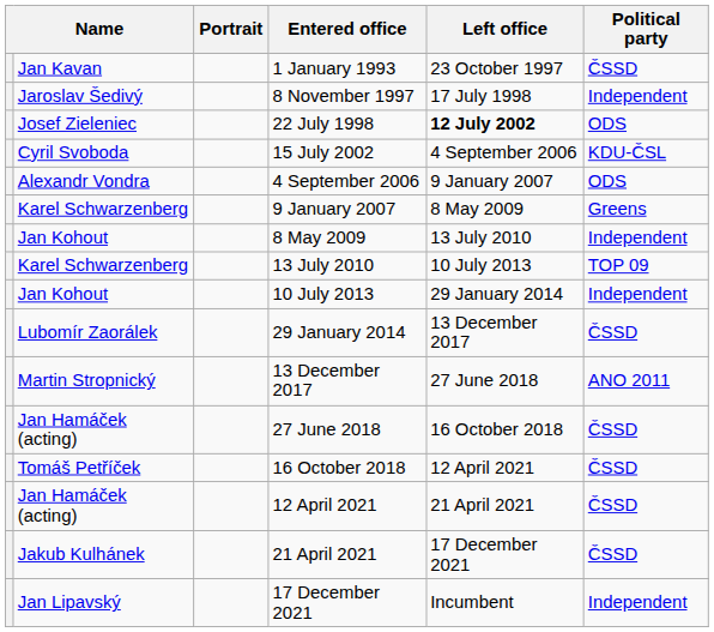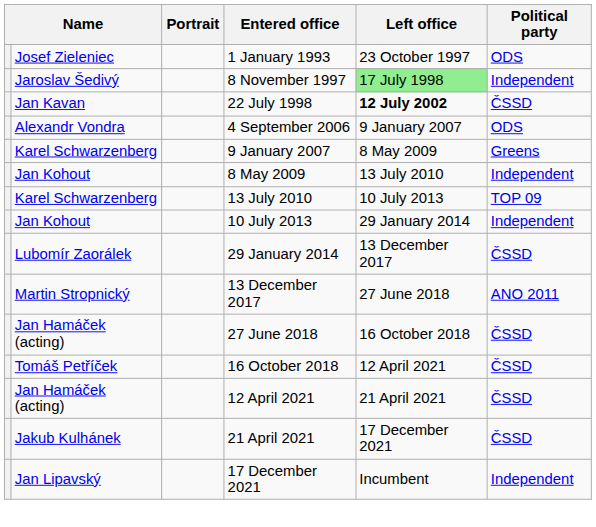 <table class="wikitable" width=50%>
 <tr>
 <th colspan=2>Name</th>
 <th width="60px">Portrait</th>
 <th>Entered office</th>
 <th>Left office</th>
 <th>Political party</th>
 </tr>
 <tr>
 <th style="background-color: "></th>
-<td><a href='#'>Jan Kavan</a></td>
+<td><a href='#'>Josef Zieleniec</a></td>
 <td></td>
 <td>1 January 1993</td>
 <td>23 October 1997</td>
-<td><a href='#'>ČSSD</a></td>
+<td><a href='#'>ODS</a></td>
 </tr>
 <tr>
 <th style="background-color: "></th>
 <td><a href='#'>Jaroslav Šedivý</a></td>
 <td></td>
 <td>8 November 1997</td>
-<td>17 July 1998</td>
+<td style="background: lightgreen;">17 July 1998</td>
 <td><a href='#'>Independent</a></td>
 </tr>
 <tr>
 <th style="background-color: "></th>
-<td><a href='#'>Josef Zieleniec</a></td>
+<td><a href='#'>Jan Kavan</a></td>
 <td></td>
 <td>22 July 1998</td>
 <td><strong>12 July 2002</strong></td>
-<td><a href='#'>ODS</a></td>
-</tr>
-<tr>
-<th style="background-color: "></th>
-<td><a href='#'>Cyril Svoboda</a></td>
-<td></td>
-<td>15 July 2002</td>
-<td>4 September 2006</td>
-<td><a href='#'>KDU-ČSL</a></td>
+<td><a href='#'>ČSSD</a></td>
 </tr>
 <tr>
 <th style="background-color: "></th>
 <td><a href='#'>Alexandr Vondra</a></td>
 <td></td>
 <td>4 September 2006</td>
 <td>9 January 2007</td>
 <td><a href='#'>ODS</a></td>
 </tr>
 <tr>
 <th style="background-color: "></th>
 <td><a href='#'>Karel Schwarzenberg</a></td>
 <td></td>
 <td>9 January 2007</td>
 <td>8 May 2009</td>
 <td><a href='#'>Greens</a></td>
 </tr>
 <tr>
 <th style="background-color: "></th>
 <td><a href='#'>Jan Kohout</a></td>
 <td></td>
 <td>8 May 2009</td>
 <td>13 July 2010</td>
 <td><a href='#'>Independent</a></td>
 </tr>
 <tr>
 <th style="background-color: "></th>
 <td><a href='#'>Karel Schwarzenberg</a></td>
 <td></td>
 <td>13 July 2010</td>
 <td>10 July 2013</td>
 <td><a href='#'>TOP 09</a></td>
 </tr>
 <tr>
 <th style="background-color: "></th>
 <td><a href='#'>Jan Kohout</a></td>
 <td></td>
 <td>10 July 2013</td>
 <td>29 January 2014</td>
 <td><a href='#'>Independent</a></td>
 </tr>
 <tr>
 <th style="background-color: "></th>
 <td><a href='#'>Lubomír Zaorálek</a></td>
 <td></td>
 <td>29 January 2014</td>
 <td>13 December 2017</td>
 <td><a href='#'>ČSSD</a></td>
 </tr>
 <tr>
 <th style="background-color: "></th>
 <td><a href='#'>Martin Stropnický</a></td>
 <td></td>
 <td>13 December 2017</td>
 <td>27 June 2018</td>
 <td><a href='#'>ANO 2011</a></td>
 </tr>
 <tr>
 <th style="background-color: "></th>
 <td><a href='#'>Jan Hamáček</a> (acting)</td>
 <td></td>
 <td>27 June 2018</td>
 <td>16 October 2018</td>
 <td><a href='#'>ČSSD</a></td>
 </tr>
 <tr>
 <th style="background-color: "></th>
 <td><a href='#'>Tomáš Petříček</a></td>
 <td></td>
 <td>16 October 2018</td>
 <td>12 April 2021</td>
 <td><a href='#'>ČSSD</a></td>
 </tr>
 <tr>
 <th style="background-color: "></th>
 <td><a href='#'>Jan Hamáček</a> (acting)</td>
 <td></td>
 <td>12 April 2021</td>
 <td>21 April 2021</td>
 <td><a href='#'>ČSSD</a></td>
 </tr>
 <tr>
 <th style="background-color: "></th>
 <td><a href='#'>Jakub Kulhánek</a></td>
 <td></td>
 <td>21 April 2021</td>
 <td>17 December 2021</td>
 <td><a href='#'>ČSSD</a></td>
 </tr>
 <tr>
 <th style="background-color: "></th>
 <td><a href='#'>Jan Lipavský</a></td>
 <td></td>
 <td>17 December 2021</td>
 <td>Incumbent</td>
 <td><a href='#'>Independent</a></td>
 </tr>
 </table>
